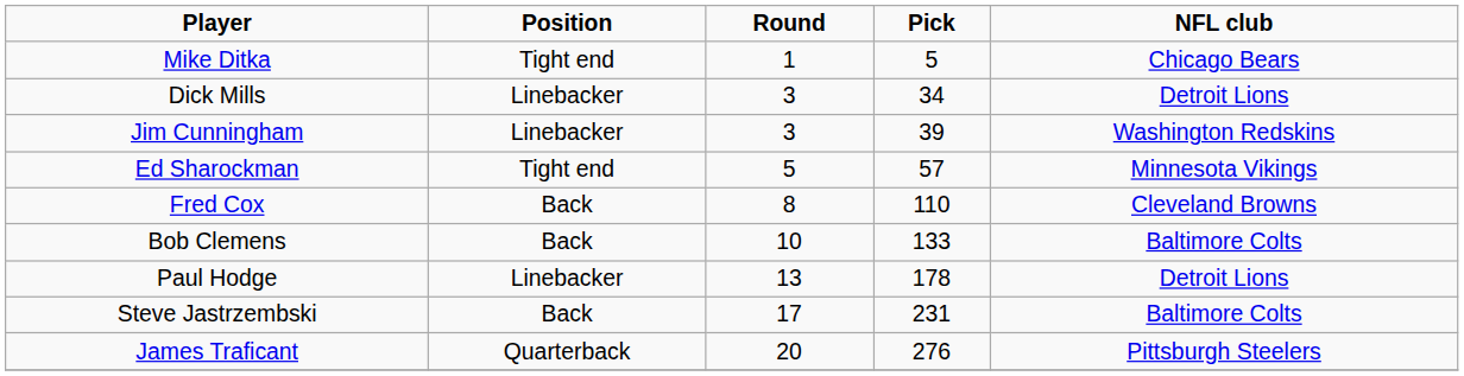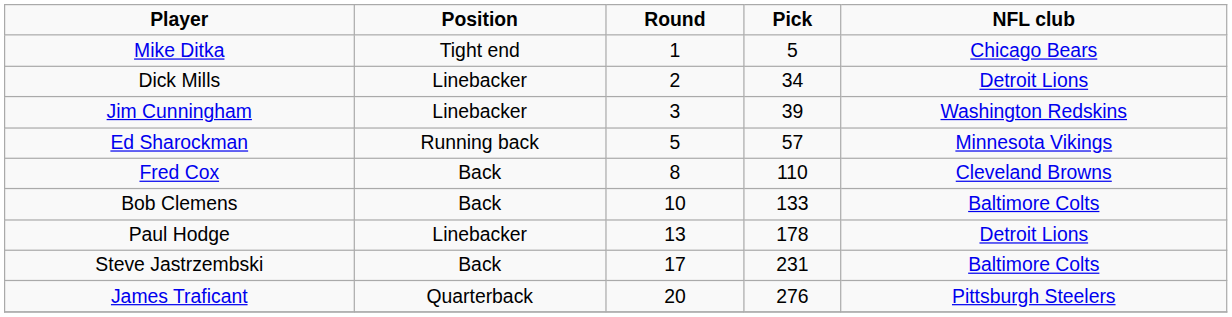 <table class="wikitable" width="80%">
 <tr align="center">
 <td><strong>Player</strong></td>
 <td><strong>Position</strong></td>
 <td><strong>Round</strong></td>
 <td><strong>Pick</strong></td>
 <td><strong>NFL club</strong></td>
 </tr>
 <tr align="center" bgcolor="">
 <td><a href='#'>Mike Ditka</a></td>
 <td>Tight end</td>
 <td>1</td>
 <td>5</td>
 <td><a href='#'>Chicago Bears</a></td>
 </tr>
 <tr align="center" bgcolor="">
 <td>Dick Mills</td>
 <td>Linebacker</td>
-<td>3</td>
+<td>2</td>
 <td>34</td>
 <td><a href='#'>Detroit Lions</a></td>
 </tr>
 <tr align="center" bgcolor="">
 <td><a href='#'>Jim Cunningham</a></td>
 <td>Linebacker</td>
 <td>3</td>
 <td>39</td>
 <td><a href='#'>Washington Redskins</a></td>
 </tr>
 <tr align="center" bgcolor="">
 <td><a href='#'>Ed Sharockman</a></td>
-<td>Tight end</td>
+<td>Running back</td>
 <td>5</td>
 <td>57</td>
 <td><a href='#'>Minnesota Vikings</a></td>
 </tr>
 <tr align="center" bgcolor="">
 <td><a href='#'>Fred Cox</a></td>
 <td>Back</td>
 <td>8</td>
 <td>110</td>
 <td><a href='#'>Cleveland Browns</a></td>
 </tr>
 <tr align="center" bgcolor="">
 <td>Bob Clemens</td>
 <td>Back</td>
 <td>10</td>
 <td>133</td>
 <td><a href='#'>Baltimore Colts</a></td>
 </tr>
 <tr align="center" bgcolor="">
 <td>Paul Hodge</td>
 <td>Linebacker</td>
 <td>13</td>
 <td>178</td>
 <td><a href='#'>Detroit Lions</a></td>
 </tr>
 <tr align="center" bgcolor="">
 <td>Steve Jastrzembski</td>
 <td>Back</td>
 <td>17</td>
 <td>231</td>
 <td><a href='#'>Baltimore Colts</a></td>
 </tr>
 <tr align="center" bgcolor="">
 <td><a href='#'>James Traficant</a></td>
 <td>Quarterback</td>
 <td>20</td>
 <td>276</td>
 <td><a href='#'>Pittsburgh Steelers</a></td>
 </tr>
 <tr align="center" bgcolor="">
 </tr>
 </table>
